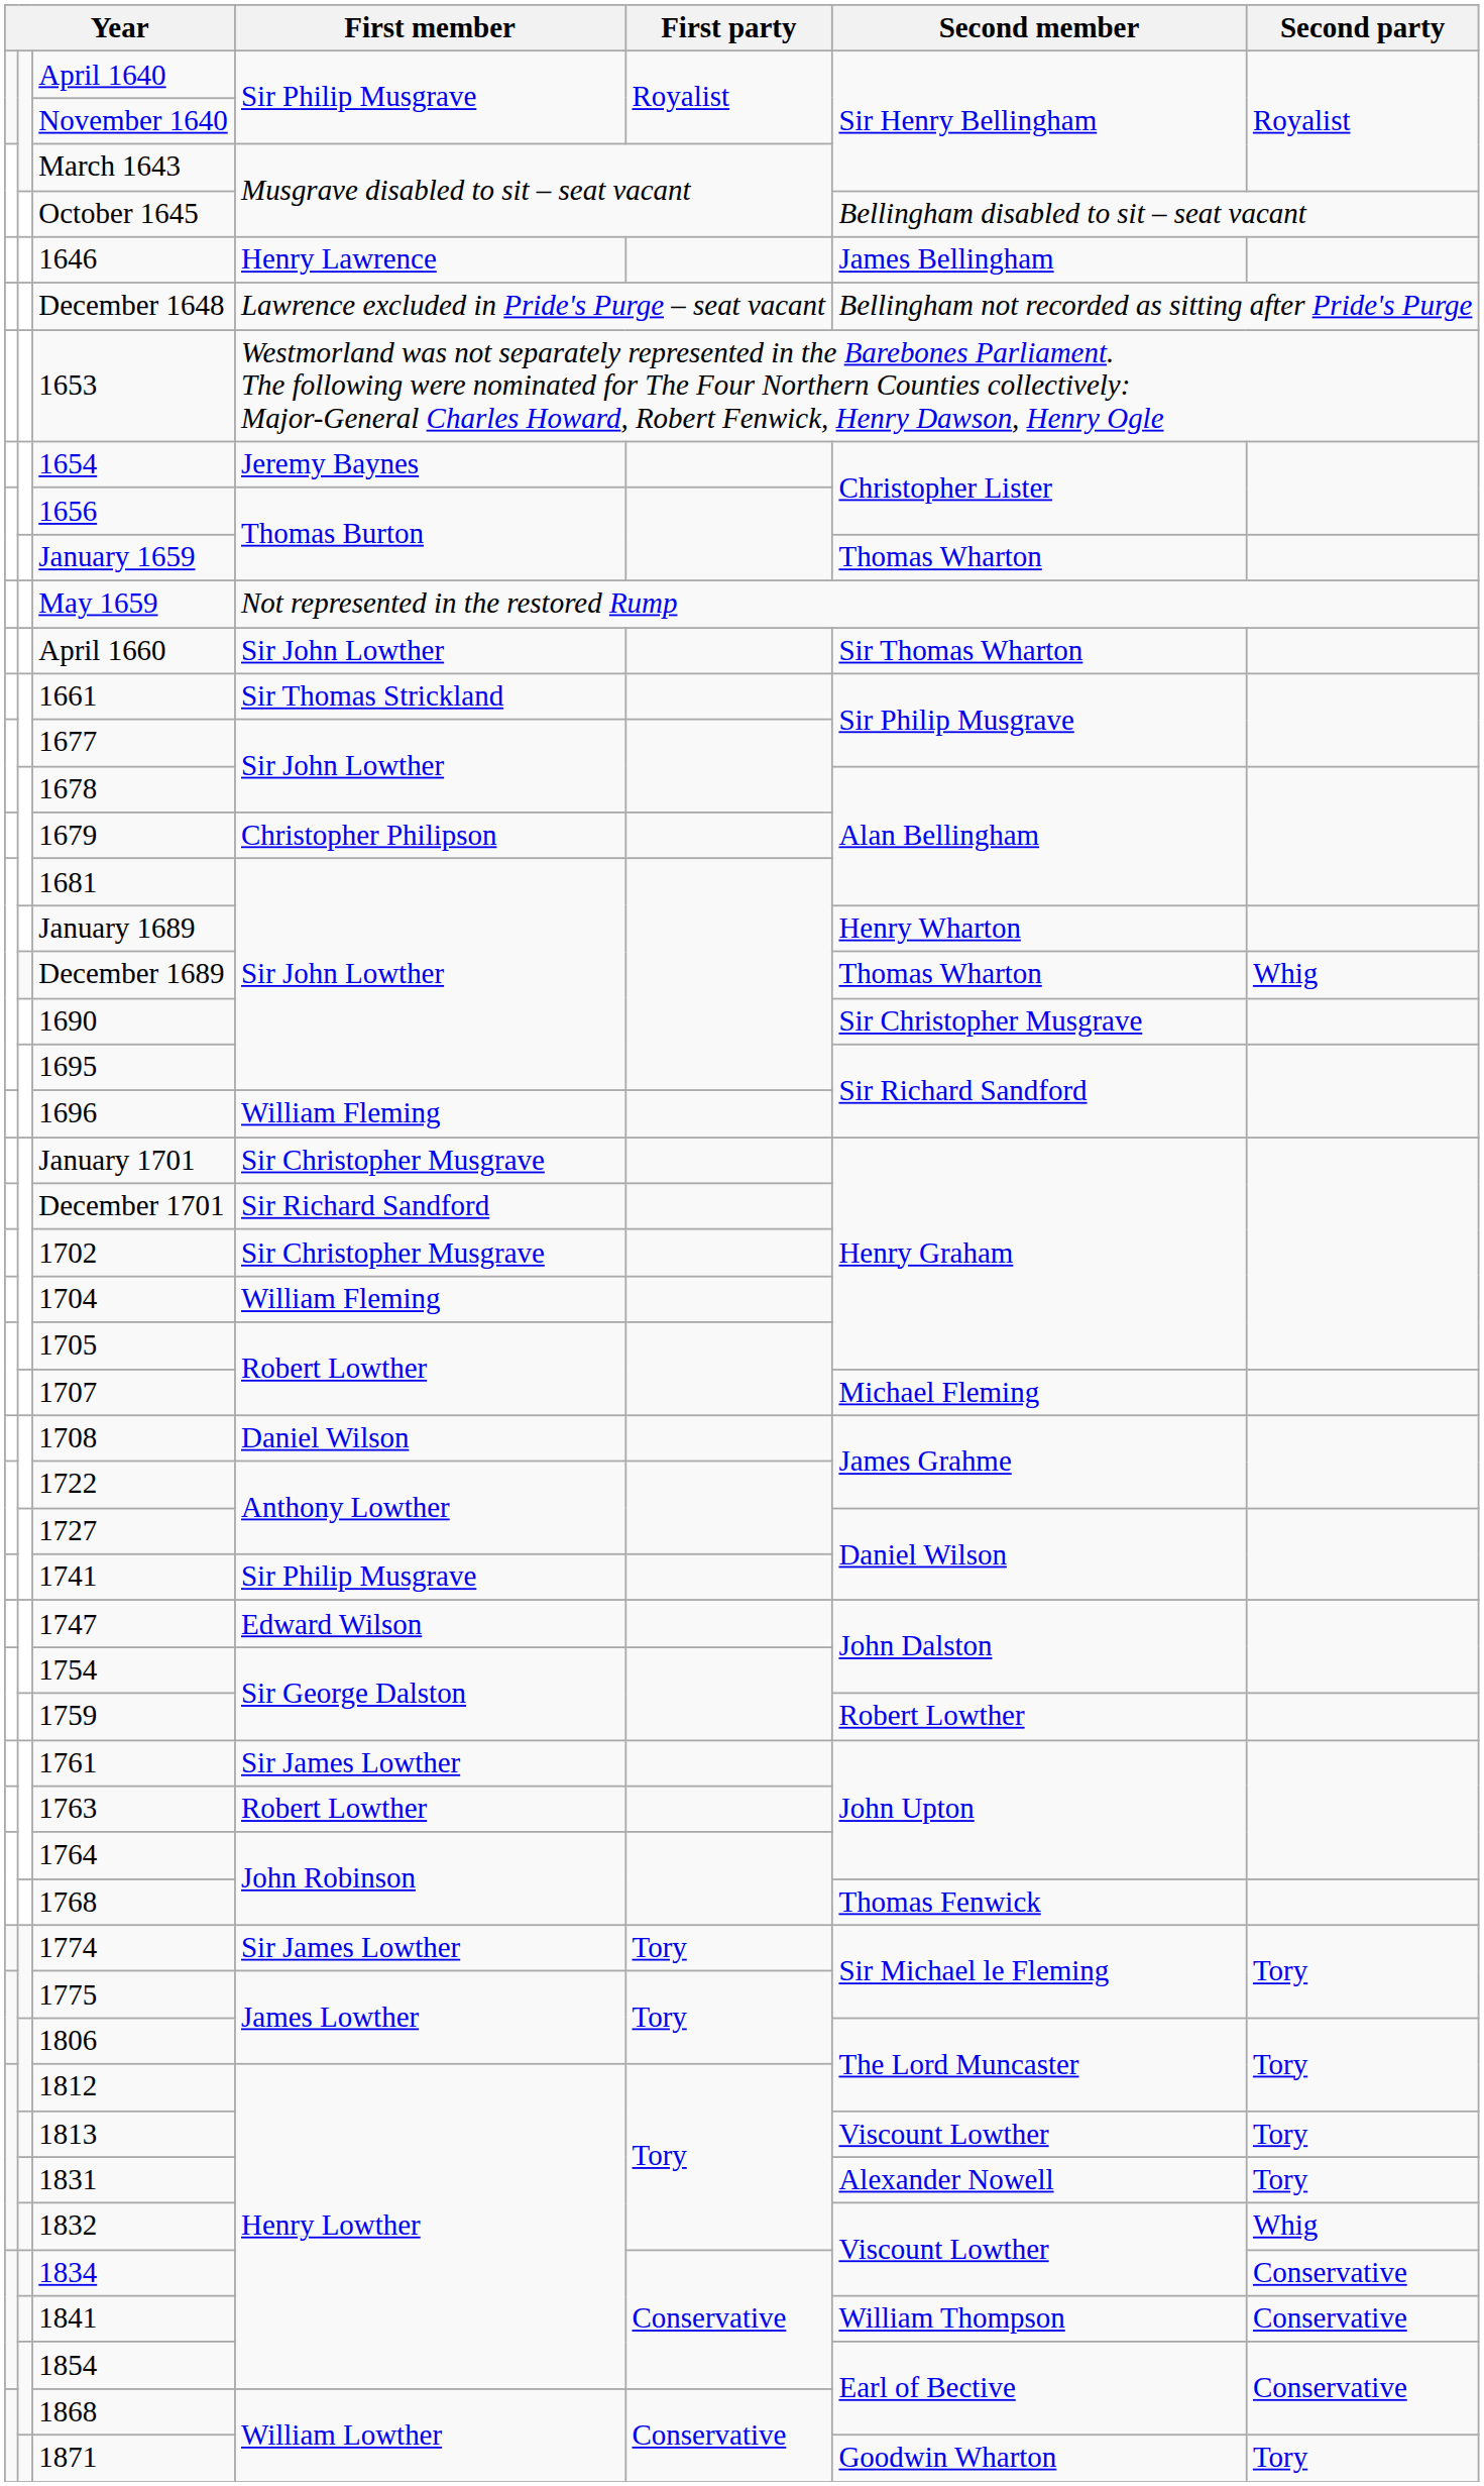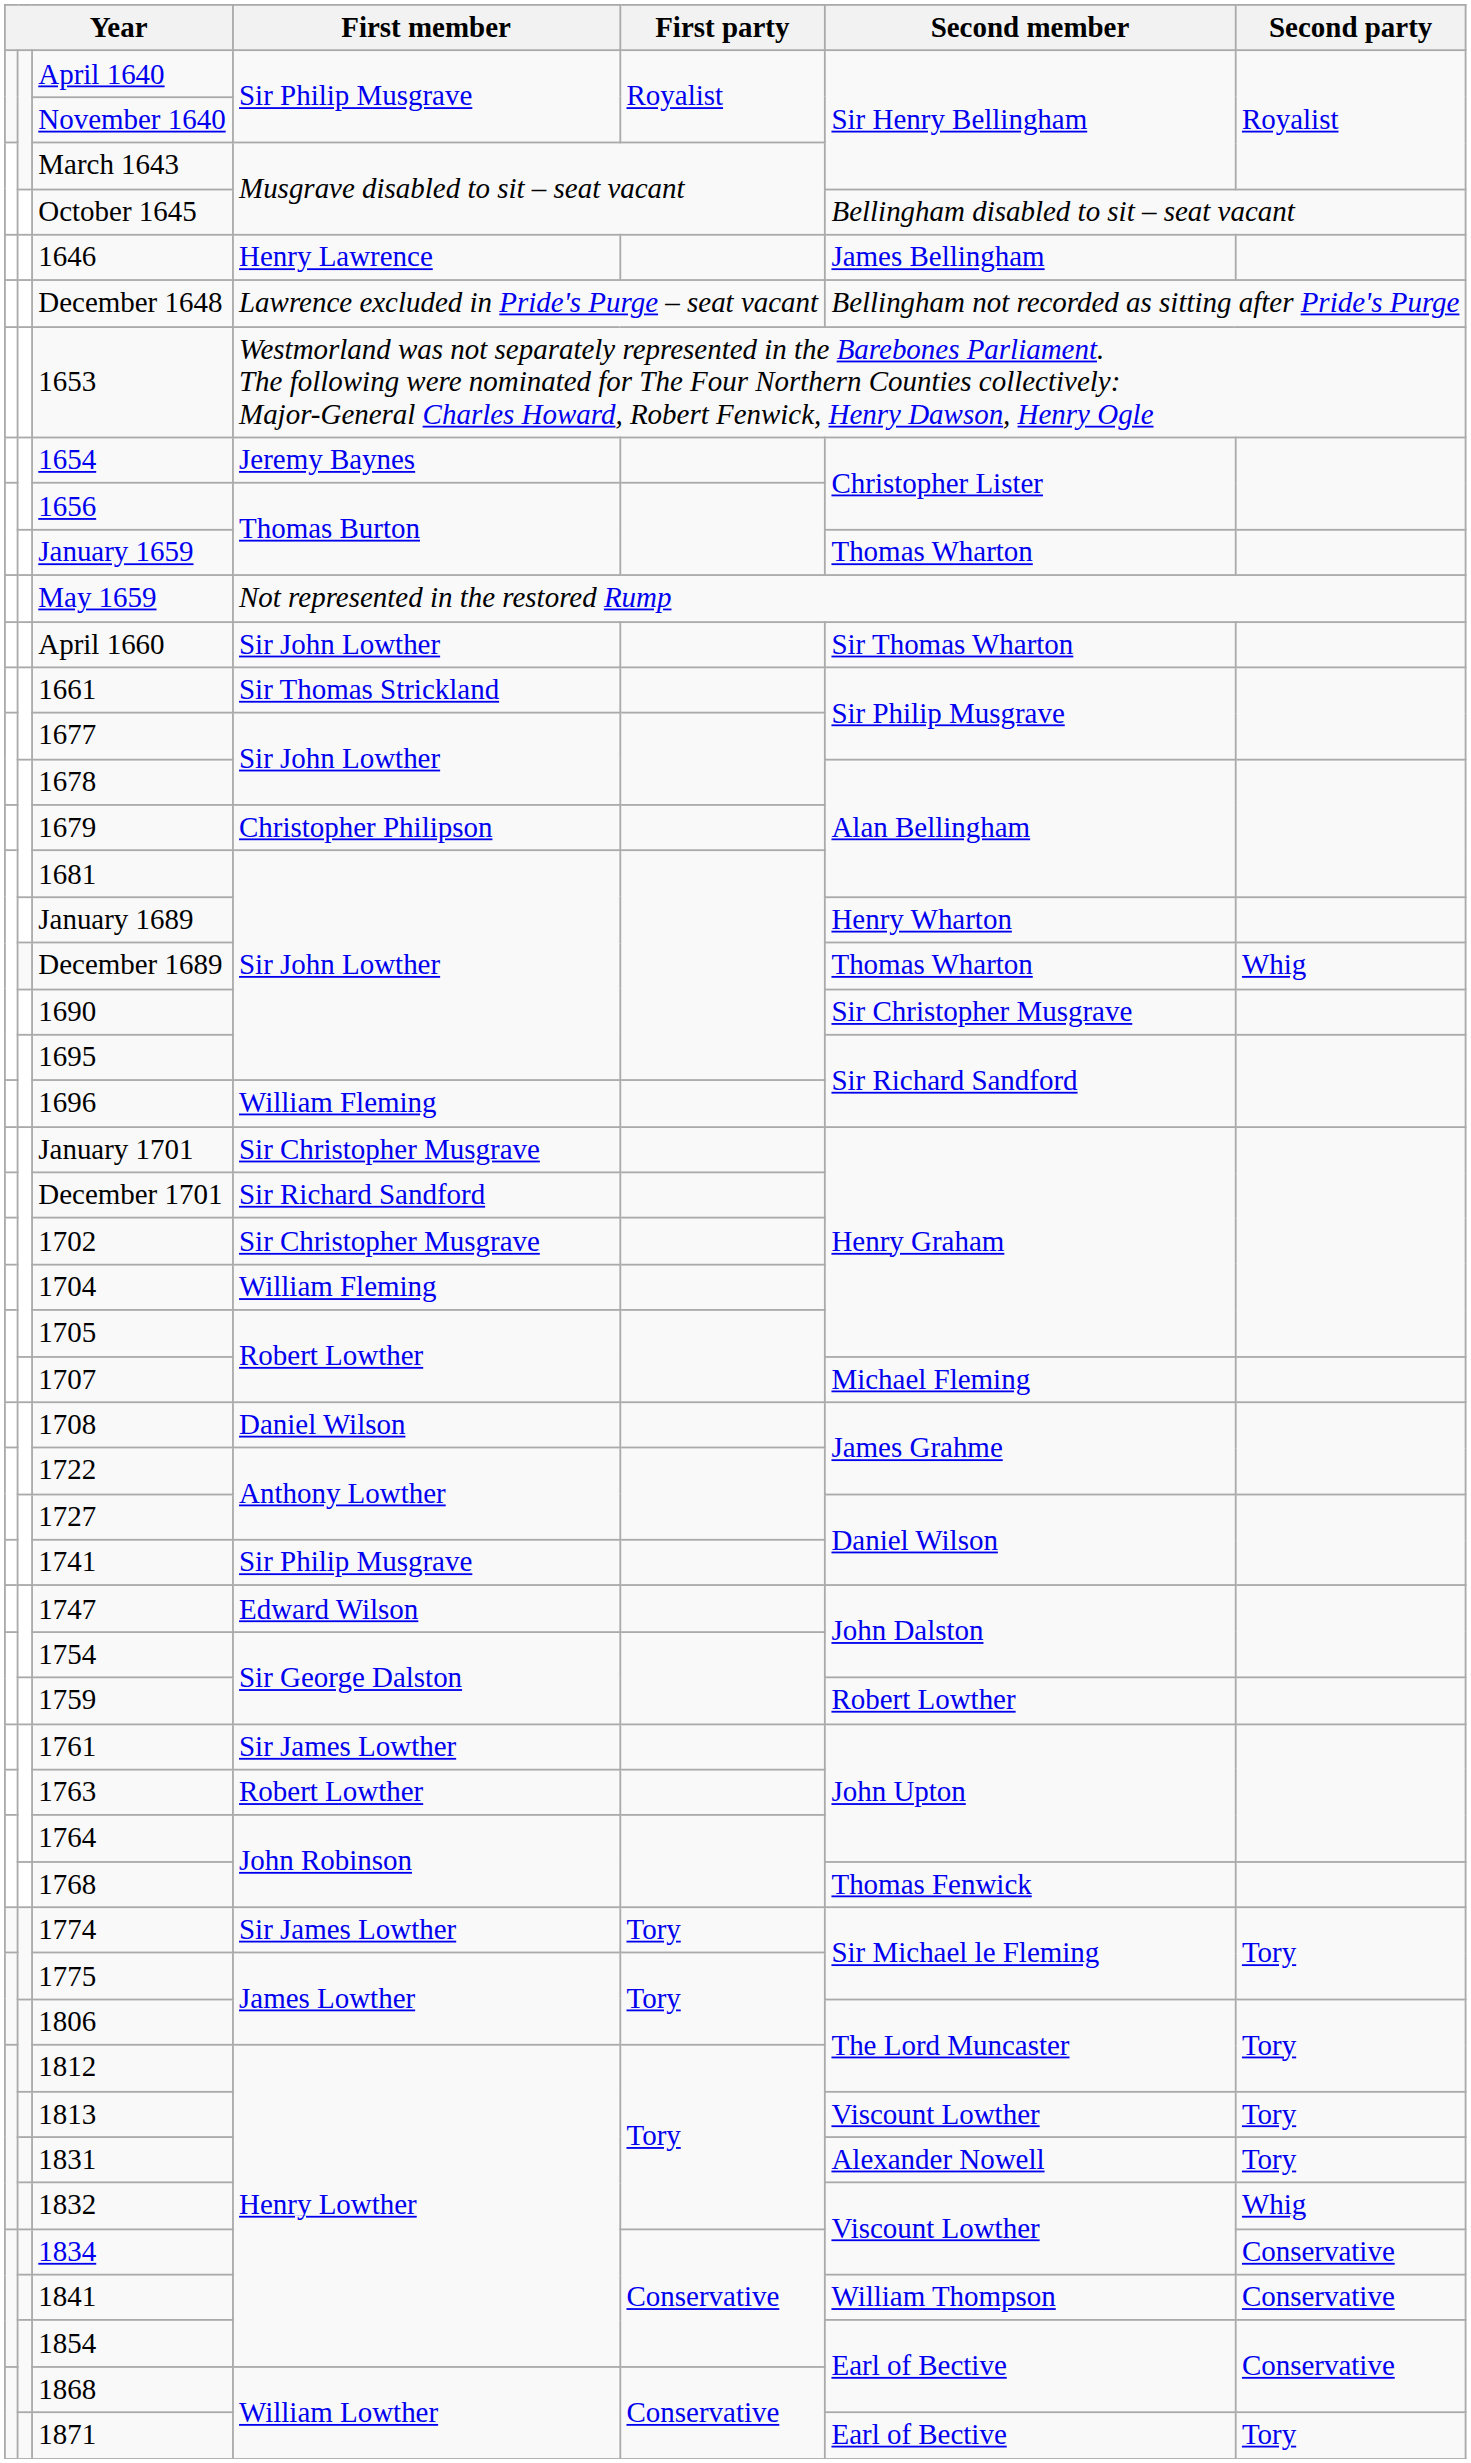 <table class="wikitable">
 <tr>
 <th colspan="3">Year</th>
 <th>First member</th>
 <th>First party</th>
 <th>Second member</th>
 <th>Second party</th>
 </tr>
 <tr>
 <td rowspan="2" style="color:inherit;background-color: "></td>
 <td rowspan="3" style="color:inherit;background-color: "></td>
 <td><a href='#'>April 1640</a></td>
 <td rowspan="2"><a href='#'>Sir Philip Musgrave</a></td>
 <td rowspan="2"><a href='#'>Royalist</a></td>
 <td rowspan="3"><a href='#'>Sir Henry Bellingham</a></td>
 <td rowspan="3"><a href='#'>Royalist</a></td>
 </tr>
 <tr>
 <td><a href='#'>November 1640</a></td>
 </tr>
 <tr>
 <td rowspan="2" style="color:inherit;background-color: white"></td>
 <td>March 1643</td>
 <td rowspan="2" colspan="2"><em>Musgrave disabled to sit – seat vacant</em></td>
 </tr>
 <tr>
 <td style="color:inherit;background-color: white"></td>
 <td>October 1645</td>
 <td colspan="2"><em>Bellingham disabled to sit – seat vacant</em></td>
 </tr>
 <tr>
 <td style="color:inherit;background-color: white"></td>
 <td style="color:inherit;background-color: white"></td>
 <td>1646</td>
 <td><a href='#'>Henry Lawrence</a></td>
 <td></td>
 <td><a href='#'>James Bellingham</a></td>
 <td></td>
 </tr>
 <tr>
 <td style="color:inherit;background-color: white"></td>
 <td style="color:inherit;background-color: white"></td>
 <td>December 1648</td>
 <td colspan="2"><em>Lawrence excluded in <a href='#'>Pride's Purge</a> – seat vacant</em></td>
 <td colspan="2"><em>Bellingham not recorded as sitting after <a href='#'>Pride's Purge</a></em></td>
 </tr>
 <tr>
 <td style="color:inherit;background-color: white"></td>
 <td style="color:inherit;background-color: white"></td>
 <td>1653</td>
 <td colspan="4"><em>Westmorland was not separately represented in the <a href='#'>Barebones Parliament</a>.<br> The following were nominated for The Four Northern Counties collectively: <br>Major-General <a href='#'>Charles Howard</a>, Robert Fenwick, <a href='#'>Henry Dawson</a>, <a href='#'>Henry Ogle</a></em></td>
 </tr>
 <tr>
 <td style="color:inherit;background-color: white"></td>
 <td rowspan="2" style="color:inherit;background-color: white"></td>
 <td><a href='#'>1654</a></td>
 <td><a href='#'>Jeremy Baynes</a></td>
 <td></td>
 <td rowspan="2"><a href='#'>Christopher Lister</a></td>
 <td rowspan="2"></td>
 </tr>
 <tr>
 <td rowspan="2" style="color:inherit;background-color: white"></td>
 <td><a href='#'>1656</a></td>
 <td rowspan="2"><a href='#'>Thomas Burton</a></td>
 <td rowspan="2"></td>
 </tr>
 <tr>
 <td style="color:inherit;background-color: white"></td>
 <td><a href='#'>January 1659</a></td>
 <td><a href='#'>Thomas Wharton</a></td>
 <td></td>
 </tr>
 <tr>
 <td style="color:inherit;background-color: white"></td>
 <td style="color:inherit;background-color: white"></td>
 <td><a href='#'>May 1659</a></td>
 <td colspan="6"><em>Not represented in the restored <a href='#'>Rump</a></em></td>
 </tr>
 <tr>
 <td style="color:inherit;background-color: white"></td>
 <td style="color:inherit;background-color: white"></td>
 <td>April 1660</td>
 <td><a href='#'>Sir John Lowther</a></td>
 <td></td>
 <td><a href='#'>Sir Thomas Wharton</a></td>
 <td></td>
 </tr>
 <tr>
 <td style="color:inherit;background-color: white"></td>
 <td rowspan="2" style="color:inherit;background-color: white"></td>
 <td>1661</td>
 <td><a href='#'>Sir Thomas Strickland</a></td>
 <td></td>
 <td rowspan="2"><a href='#'>Sir Philip Musgrave</a></td>
 <td rowspan="2"></td>
 </tr>
 <tr>
 <td rowspan="2" style="color:inherit;background-color: white"></td>
 <td>1677</td>
 <td rowspan="2"><a href='#'>Sir John Lowther</a></td>
 <td rowspan="2"></td>
 </tr>
 <tr>
 <td rowspan="3" style="color:inherit;background-color: white"></td>
 <td>1678</td>
 <td rowspan="3"><a href='#'>Alan Bellingham</a></td>
 <td rowspan="3"></td>
 </tr>
 <tr>
 <td style="color:inherit;background-color: white"></td>
 <td>1679</td>
 <td><a href='#'>Christopher Philipson</a></td>
 <td></td>
 </tr>
 <tr>
 <td rowspan="5" style="color:inherit;background-color: white"></td>
 <td>1681</td>
 <td rowspan="5"><a href='#'>Sir John Lowther</a></td>
 <td rowspan="5"></td>
 </tr>
 <tr>
 <td style="color:inherit;background-color: white"></td>
 <td>January 1689</td>
 <td><a href='#'>Henry Wharton</a></td>
 <td></td>
 </tr>
 <tr>
 <td style="color:inherit;background-color: "></td>
 <td>December 1689</td>
 <td><a href='#'>Thomas Wharton</a></td>
 <td><a href='#'>Whig</a></td>
 </tr>
 <tr>
 <td style="color:inherit;background-color: white"></td>
 <td>1690</td>
 <td><a href='#'>Sir Christopher Musgrave</a></td>
 <td></td>
 </tr>
 <tr>
 <td rowspan="2" style="color:inherit;background-color: white"></td>
 <td>1695</td>
 <td rowspan="2"><a href='#'>Sir Richard Sandford</a></td>
 <td rowspan="2"></td>
 </tr>
 <tr>
 <td style="color:inherit;background-color: white"></td>
 <td>1696</td>
 <td><a href='#'>William Fleming</a></td>
 <td></td>
 </tr>
 <tr>
 <td style="color:inherit;background-color: white"></td>
 <td rowspan="5" style="color:inherit;background-color: white"></td>
 <td>January 1701</td>
 <td><a href='#'>Sir Christopher Musgrave</a></td>
 <td></td>
 <td rowspan="5"><a href='#'>Henry Graham</a></td>
 <td rowspan="5"></td>
 </tr>
 <tr>
 <td style="color:inherit;background-color: white"></td>
 <td>December 1701</td>
 <td><a href='#'>Sir Richard Sandford</a></td>
 <td></td>
 </tr>
 <tr>
 <td style="color:inherit;background-color: white"></td>
 <td>1702</td>
 <td><a href='#'>Sir Christopher Musgrave</a></td>
 <td></td>
 </tr>
 <tr>
 <td style="color:inherit;background-color: white"></td>
 <td>1704</td>
 <td><a href='#'>William Fleming</a></td>
 <td></td>
 </tr>
 <tr>
 <td rowspan="2" style="color:inherit;background-color: white"></td>
 <td>1705</td>
 <td rowspan="2"><a href='#'>Robert Lowther</a></td>
 <td rowspan="2"></td>
 </tr>
 <tr>
 <td style="color:inherit;background-color: white"></td>
 <td>1707</td>
 <td><a href='#'>Michael Fleming</a></td>
 <td></td>
 </tr>
 <tr>
 <td style="color:inherit;background-color: white"></td>
 <td rowspan="2" style="color:inherit;background-color: white"></td>
 <td>1708</td>
 <td><a href='#'>Daniel Wilson</a></td>
 <td></td>
 <td rowspan="2"><a href='#'>James Grahme</a></td>
 <td rowspan="2"></td>
 </tr>
 <tr>
 <td rowspan="2" style="color:inherit;background-color: white"></td>
 <td>1722</td>
 <td rowspan="2"><a href='#'>Anthony Lowther</a></td>
 <td rowspan="2"></td>
 </tr>
 <tr>
 <td rowspan="2" style="color:inherit;background-color: white"></td>
 <td>1727</td>
 <td rowspan="2"><a href='#'>Daniel Wilson</a></td>
 <td rowspan="2"></td>
 </tr>
 <tr>
 <td style="color:inherit;background-color: white"></td>
 <td>1741</td>
 <td><a href='#'>Sir Philip Musgrave</a></td>
 <td></td>
 </tr>
 <tr>
 <td style="color:inherit;background-color: white"></td>
 <td rowspan="2" style="color:inherit;background-color: white"></td>
 <td>1747</td>
 <td><a href='#'>Edward Wilson</a></td>
 <td></td>
 <td rowspan="2"><a href='#'>John Dalston</a></td>
 <td rowspan="2"></td>
 </tr>
 <tr>
 <td rowspan="2" style="color:inherit;background-color: white"></td>
 <td>1754</td>
 <td rowspan="2"><a href='#'>Sir George Dalston</a></td>
 <td rowspan="2"></td>
 </tr>
 <tr>
 <td style="color:inherit;background-color: white"></td>
 <td>1759</td>
 <td><a href='#'>Robert Lowther</a></td>
 <td></td>
 </tr>
 <tr>
 <td style="color:inherit;background-color: white"></td>
 <td rowspan="3" style="color:inherit;background-color: white"></td>
 <td>1761</td>
 <td><a href='#'>Sir James Lowther</a></td>
 <td></td>
 <td rowspan="3"><a href='#'>John Upton</a></td>
 <td rowspan="3"></td>
 </tr>
 <tr>
 <td style="color:inherit;background-color: white"></td>
 <td>1763</td>
 <td><a href='#'>Robert Lowther</a></td>
 <td></td>
 </tr>
 <tr>
 <td rowspan="2" style="color:inherit;background-color: white"></td>
 <td>1764</td>
 <td rowspan="2"><a href='#'>John Robinson</a></td>
 <td rowspan="2"></td>
 </tr>
 <tr>
 <td style="color:inherit;background-color: white"></td>
 <td>1768</td>
 <td><a href='#'>Thomas Fenwick</a></td>
 <td></td>
 </tr>
 <tr>
 <td style="color:inherit;background-color: "></td>
 <td rowspan="2" style="color:inherit;background-color: "></td>
 <td>1774</td>
 <td><a href='#'>Sir James Lowther</a></td>
 <td><a href='#'>Tory</a></td>
 <td rowspan="2"><a href='#'>Sir Michael le Fleming</a></td>
 <td rowspan="2"><a href='#'>Tory</a></td>
 </tr>
 <tr>
 <td rowspan="2" style="color:inherit;background-color: "></td>
 <td>1775</td>
 <td rowspan="2"><a href='#'>James Lowther</a></td>
 <td rowspan="2"><a href='#'>Tory</a></td>
 </tr>
 <tr>
 <td rowspan="2" style="color:inherit;background-color: "></td>
 <td>1806</td>
 <td rowspan="2"><a href='#'>The Lord Muncaster</a></td>
 <td rowspan="2"><a href='#'>Tory</a></td>
 </tr>
 <tr>
 <td rowspan="4" style="color:inherit;background-color: "></td>
 <td>1812</td>
 <td rowspan="7"><a href='#'>Henry Lowther</a></td>
 <td rowspan="4"><a href='#'>Tory</a></td>
 </tr>
 <tr>
 <td style="color:inherit;background-color: "></td>
 <td>1813</td>
 <td><a href='#'>Viscount Lowther</a></td>
 <td><a href='#'>Tory</a></td>
 </tr>
 <tr>
 <td style="color:inherit;background-color: "></td>
 <td>1831</td>
 <td><a href='#'>Alexander Nowell</a></td>
 <td><a href='#'>Tory</a></td>
 </tr>
 <tr>
 <td style="color:inherit;background-color: "></td>
 <td>1832</td>
 <td rowspan="2"><a href='#'>Viscount Lowther</a></td>
 <td><a href='#'>Whig</a></td>
 </tr>
 <tr>
 <td rowspan="3" style="color:inherit;background-color: "></td>
 <td style="color:inherit;background-color: "></td>
 <td><a href='#'>1834</a></td>
 <td rowspan="3"><a href='#'>Conservative</a></td>
 <td><a href='#'>Conservative</a></td>
 </tr>
 <tr>
 <td style="color:inherit;background-color: "></td>
 <td>1841</td>
 <td><a href='#'>William Thompson</a></td>
 <td><a href='#'>Conservative</a></td>
 </tr>
 <tr>
 <td rowspan="2" style="color:inherit;background-color: "></td>
 <td>1854</td>
 <td rowspan="2"><a href='#'>Earl of Bective</a></td>
 <td rowspan="2"><a href='#'>Conservative</a></td>
 </tr>
 <tr>
 <td rowspan="2" style="color:inherit;background-color: "></td>
 <td>1868</td>
 <td rowspan="2"><a href='#'>William Lowther</a></td>
 <td rowspan="2"><a href='#'>Conservative</a></td>
 </tr>
 <tr>
 <td style="color:inherit;background-color: "></td>
 <td>1871</td>
-<td><a href='#'>Goodwin Wharton</a></td>
+<td><a href='#'>Earl of Bective</a></td>
 <td><a href='#'>Tory</a></td>
 </tr>
 <tr>
 </tr>
 </table>
